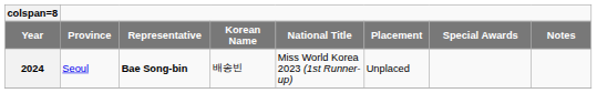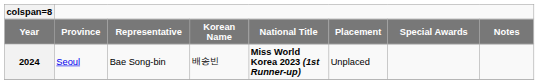 <table class="wikitable " style="font-size: 95%;">
 <tr>
 <th>colspan=8 </th>
 </tr>
 <tr>
 <th width="60" style="background-color:#787878;color:#FFFFFF;">Year</th>
 <th width="150" style="background-color:#787878;color:#FFFFFF;">Province</th>
 <th width="210" style="background-color:#787878;color:#FFFFFF;">Representative</th>
 <th width="250" style="background-color:#787878;color:#FFFFFF;">Korean Name</th>
 <th width="400" style="background-color:#787878;color:#FFFFFF;">National Title</th>
 <th width="150" style="background-color:#787878;color:#FFFFFF;">Placement</th>
 <th width="530" style="background-color:#787878;color:#FFFFFF;">Special Awards</th>
 <th width="250" style="background-color:#787878;color:#FFFFFF;">Notes</th>
 </tr>
 <tr>
 <th>2024</th>
 <td><a href='#'>Seoul</a></td>
-<td><strong>Bae Song-bin</strong></td>
+<td>Bae Song-bin</td>
 <td>배송빈</td>
-<td>Miss World Korea 2023 <em>(1st Runner-up)</em></td>
+<td><strong>Miss World Korea 2023 <em>(1st Runner-up)</em></strong></td>
 <td>Unplaced</td>
 <td></td>
 <td></td>
 </tr>
 <tr>
 </tr>
 </table>
